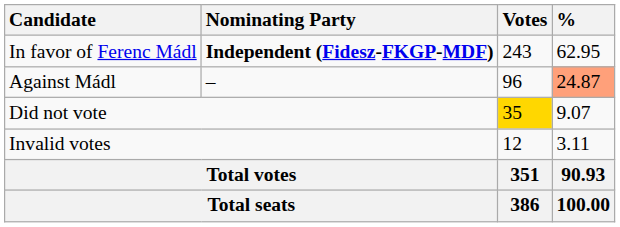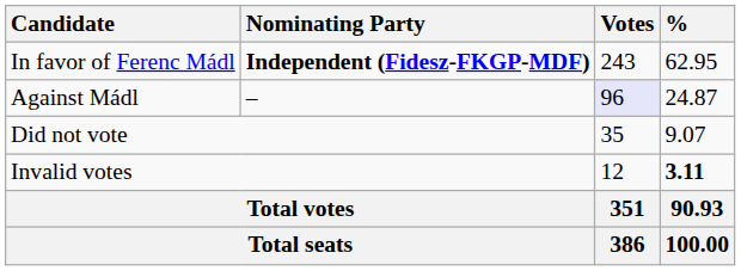 <table class="wikitable">
 <tr>
 <th style="text-align:left">Candidate</th>
 <th style="text-align:left">Nominating Party</th>
 <th style="text-align:left">Votes</th>
 <th style="text-align:left">%</th>
 </tr>
 <tr>
 <td>In favor of <a href='#'>Ferenc Mádl</a></td>
 <td><strong>Independent (<a href='#'>Fidesz</a>-<a href='#'>FKGP</a>-<a href='#'>MDF</a>)</strong></td>
 <td>243</td>
 <td>62.95</td>
 </tr>
 <tr>
 <td>Against Mádl</td>
 <td>–</td>
-<td>96</td>
-<td style="background: lightsalmon;">24.87</td>
+<td style="background: lavender;">96</td>
+<td>24.87</td>
 </tr>
 <tr>
 <td colspan=2>Did not vote</td>
-<td style="background: gold;">35</td>
+<td>35</td>
 <td>9.07</td>
 </tr>
 <tr>
 <td colspan=2>Invalid votes</td>
 <td>12</td>
-<td>3.11</td>
+<td><strong>3.11</strong></td>
 </tr>
 <tr>
 <th colspan=2>Total votes</th>
 <th>351</th>
 <th>90.93</th>
 </tr>
 <tr>
 <th colspan=2>Total seats</th>
 <th>386</th>
 <th>100.00</th>
 </tr>
 </table>
